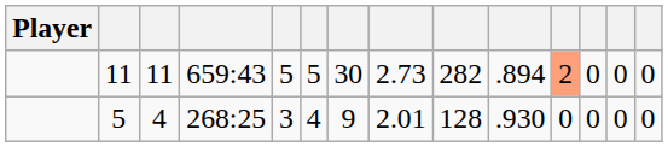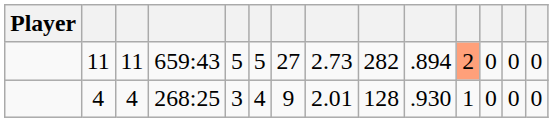 <table class="wikitable sortable" style="text-align:center;">
 <tr>
 <th>Player</th>
 <th></th>
 <th></th>
 <th></th>
 <th></th>
 <th></th>
 <th></th>
 <th></th>
 <th></th>
 <th></th>
 <th></th>
 <th></th>
 <th></th>
 <th></th>
 </tr>
 <tr>
 <td></td>
 <td>11</td>
 <td>11</td>
 <td>659:43</td>
 <td>5</td>
 <td>5</td>
-<td>30</td>
+<td>27</td>
 <td>2.73</td>
 <td>282</td>
 <td>.894</td>
 <td style="background: lightsalmon;">2</td>
 <td>0</td>
 <td>0</td>
 <td>0</td>
 </tr>
 <tr>
 <td></td>
-<td>5</td>
+<td>4</td>
 <td>4</td>
 <td>268:25</td>
 <td>3</td>
 <td>4</td>
 <td>9</td>
 <td>2.01</td>
 <td>128</td>
 <td>.930</td>
-<td>0</td>
+<td>1</td>
 <td>0</td>
 <td>0</td>
 <td>0</td>
 </tr>
 </table>
